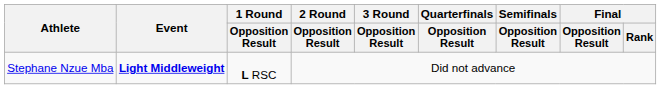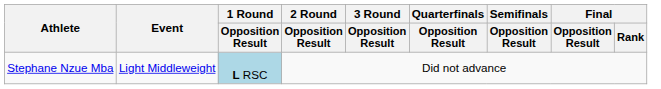 <table class="wikitable" style="font-size:90%">
 <tr>
 <th rowspan="2">Athlete</th>
 <th rowspan="2">Event</th>
 <th>1 Round</th>
 <th>2 Round</th>
 <th>3 Round</th>
 <th>Quarterfinals</th>
 <th>Semifinals</th>
 <th colspan=2>Final</th>
 </tr>
 <tr style="font-size:95%">
 <th>Opposition<br>Result</th>
 <th>Opposition<br>Result</th>
 <th>Opposition<br>Result</th>
 <th>Opposition<br>Result</th>
 <th>Opposition<br>Result</th>
 <th>Opposition<br>Result</th>
 <th>Rank</th>
 </tr>
 <tr align=center>
 <td align=left><a href='#'>Stephane Nzue Mba</a></td>
-<td align=left><strong><a href='#'>Light Middleweight</a></strong></td>
-<td><br><strong>L</strong> RSC</td>
+<td align=left><a href='#'>Light Middleweight</a></td>
+<td style="background: lightblue;"><br><strong>L</strong> RSC</td>
 <td colspan=7>Did not advance</td>
 </tr>
 </table>
